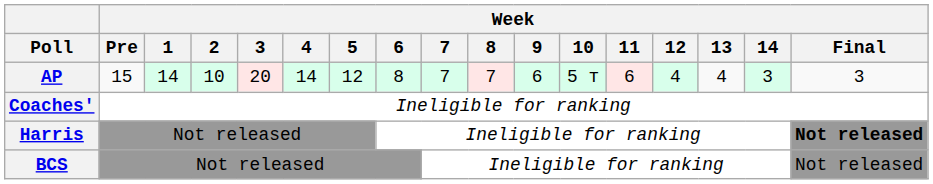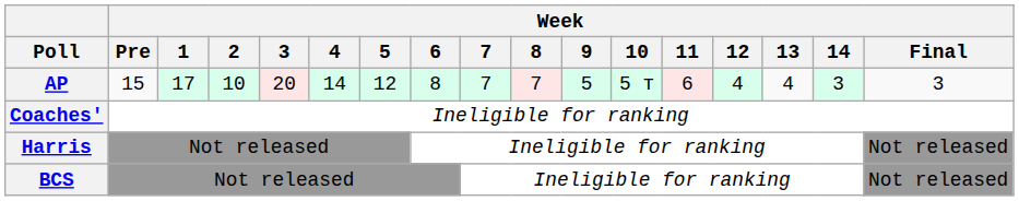 <table class="wikitable" style="white-space:nowrap;">
 <tr>
 <th></th>
 <th colspan="16">Week</th>
 </tr>
 <tr>
 <th>Poll</th>
 <th ! rowspan="1" style="width:5%;">Pre</th>
 <th rowspan="1" style="width:5%;">1</th>
 <th rowspan="1" style="width:5%;">2</th>
 <th rowspan="1" style="width:5%;">3</th>
 <th rowspan="1" style="width:5%;">4</th>
 <th rowspan="1" style="width:5%;">5</th>
 <th rowspan="1" style="width:5%;">6</th>
 <th rowspan="1" style="width:5%;">7</th>
 <th rowspan="1" style="width:5%;">8</th>
 <th rowspan="1" style="width:5%;">9</th>
 <th rowspan="1" style="width:5%;">10</th>
 <th rowspan="1" style="width:5%;">11</th>
 <th rowspan="1" style="width:5%;">12</th>
 <th rowspan="1" style="width:5%;">13</th>
 <th rowspan="1" style="width:5%;">14</th>
 <th>Final</th>
 </tr>
 <tr style="text-align:center;">
 <th><a href='#'>AP</a></th>
 <td style="background:">15</td>
-<td style="background:#d8ffeb;">14</td>
+<td style="background:#d8ffeb;">17</td>
 <td style="background:#d8ffeb;">10</td>
 <td style="background:#ffe6e6;">20</td>
 <td style="background:#d8ffeb;">14</td>
 <td style="background:#d8ffeb;">12</td>
 <td style="background:#d8ffeb;">8</td>
 <td style="background:#d8ffeb;">7</td>
 <td style="background:#ffe6e6;">7</td>
-<td style="background:#d8ffeb;">6</td>
+<td style="background:#d8ffeb;">5</td>
 <td style="background:#d8ffeb;">5 т</td>
 <td style="background:#ffe6e6;">6</td>
 <td style="background:#d8ffeb;">4</td>
 <td style="background:">4</td>
 <td style="background:#d8ffeb;">3</td>
 <td style="background:">3</td>
 </tr>
 <tr style="text-align:center;">
 <th><a href='#'>Coaches'</a></th>
 <td colspan="16" style="background:#FFF;"><em>Ineligible for ranking</em></td>
 </tr>
 <tr style="text-align:center;">
 <th><a href='#'>Harris</a></th>
 <td colspan="6" style="background:#999999;">Not released</td>
 <td colspan="9" style="background:#FFF;"><em>Ineligible for ranking</em></td>
-<td style="background:#999999"><strong>Not released</strong></td>
+<td style="background:#999999">Not released</td>
 </tr>
 <tr style="text-align:center;">
 <th><a href='#'>BCS</a></th>
 <td colspan="7" style="background:#999999;">Not released</td>
 <td colspan="8" style="background:#FFF;"><em>Ineligible for ranking</em></td>
 <td style="background:#999999">Not released</td>
 </tr>
 </table>
